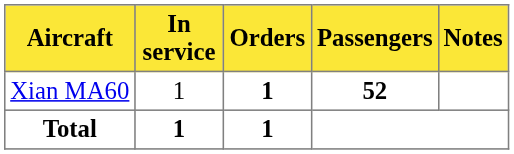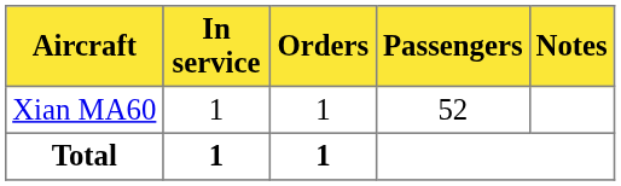 <table class="toccolours" border="1" cellpadding="3" style="border-collapse:collapse">
 <tr bgcolor=#FBE737>
 <th rowspan="1">Aircraft</th>
 <th rowspan="1" style="width:50px;">In service</th>
 <th rowspan="1" style="width:50px;">Orders</th>
 <th colspan="1">Passengers</th>
 <th rowspan="1">Notes</th>
 </tr>
 <tr>
 <td><a href='#'>Xian MA60</a></td>
 <td align=center>1</td>
-<td align=center><strong>1</strong></td>
-<td align=center><strong>52</strong></td>
+<td align=center>1</td>
+<td align=center>52</td>
 <td></td>
 </tr>
 <tr>
 <th>Total</th>
 <th>1</th>
 <th>1</th>
 <th colspan="3"></th>
 </tr>
 </table>
